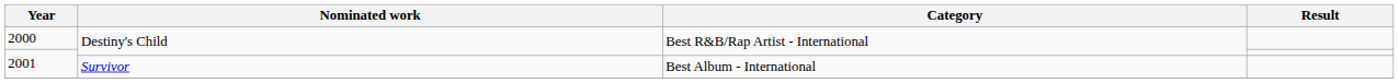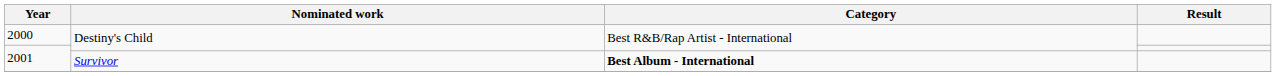 <table class="wikitable" width="100%">
 <tr>
 <th width="5%">Year</th>
 <th width="40%">Nominated work</th>
 <th width="40%">Category</th>
 <th width="10%">Result</th>
 </tr>
 <tr>
 <td>2000</td>
 <td rowspan="2">Destiny's Child</td>
 <td rowspan="2">Best R&B/Rap Artist - International</td>
 <td></td>
 </tr>
 <tr>
 <td rowspan="2">2001</td>
 <td></td>
 </tr>
 <tr>
 <td><a href='#'><em>Survivor</em></a></td>
-<td>Best Album - International</td>
+<td><strong>Best Album - International</strong></td>
 <td></td>
 </tr>
 <tr>
 </tr>
 </table>
